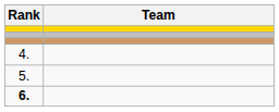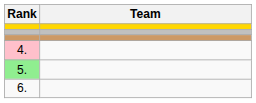 <table class="wikitable" style="border-collapse: collapse; font-size: 90%;">
 <tr>
 <th>Rank</th>
 <th align="left" style="width: 17em">Team</th>
 </tr>
 <tr bgcolor=gold>
 <td align="center"></td>
 <td></td>
 </tr>
 <tr bgcolor=silver>
 <td align="center"></td>
 <td></td>
 </tr>
 <tr bgcolor=cc9966>
 <td align="center"></td>
 <td></td>
 </tr>
 <tr>
-<td align="center">4.</td>
+<td align="center" style="background: pink;">4.</td>
 <td></td>
 </tr>
 <tr>
-<td align="center">5.</td>
+<td align="center" style="background: lightgreen;">5.</td>
 <td></td>
 </tr>
 <tr>
-<td align="center"><strong>6.</strong></td>
+<td align="center">6.</td>
 <td></td>
 </tr>
 </table>
